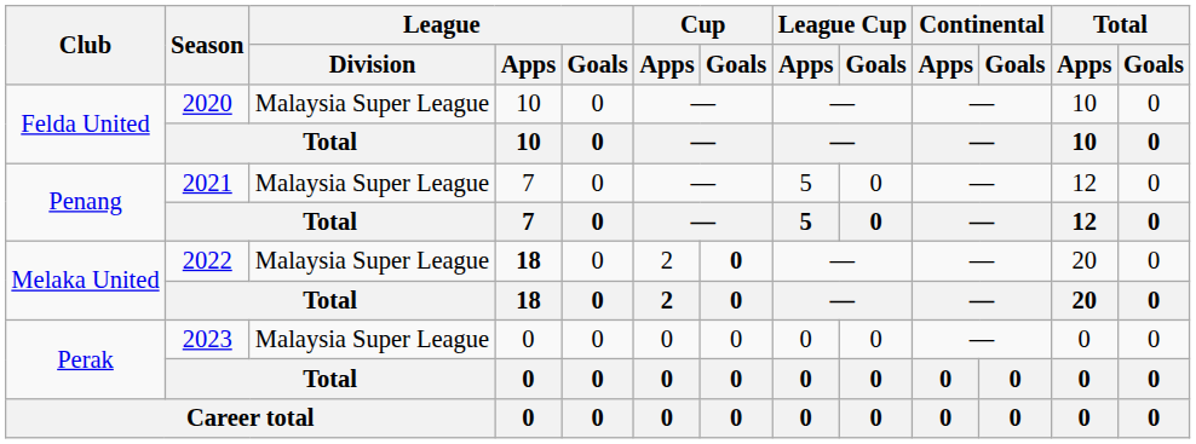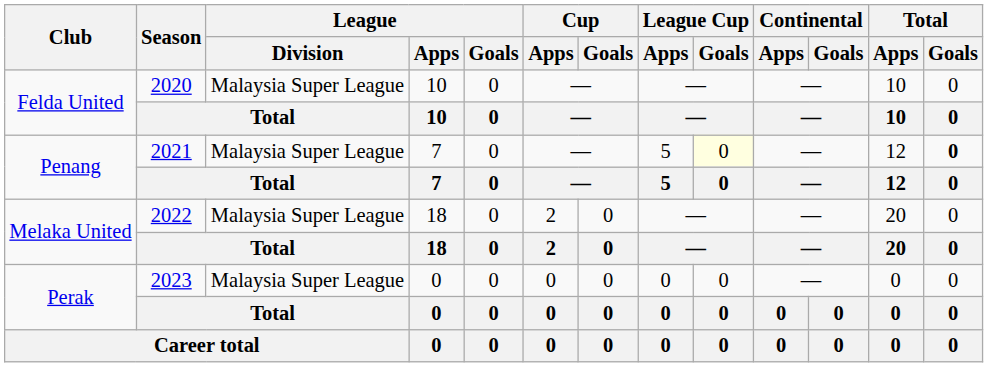 <table class=wikitable style="text-align:center">
 <tr>
 <th rowspan=2>Club</th>
 <th rowspan=2>Season</th>
 <th colspan=3>League</th>
 <th colspan=2>Cup</th>
 <th colspan=2>League Cup</th>
 <th colspan=2>Continental</th>
 <th colspan=2>Total</th>
 </tr>
 <tr>
 <th>Division</th>
 <th>Apps</th>
 <th>Goals</th>
 <th>Apps</th>
 <th>Goals</th>
 <th>Apps</th>
 <th>Goals</th>
 <th>Apps</th>
 <th>Goals</th>
 <th>Apps</th>
 <th>Goals</th>
 </tr>
 <tr>
 <td rowspan="2"><a href='#'>Felda United</a></td>
 <td><a href='#'>2020</a></td>
 <td>Malaysia Super League</td>
 <td>10</td>
 <td>0</td>
 <td colspan="2">—</td>
 <td colspan="2">—</td>
 <td colspan="2">—</td>
 <td>10</td>
 <td>0</td>
 </tr>
 <tr>
 <th colspan=2>Total</th>
 <th>10</th>
 <th>0</th>
 <th colspan="2">—</th>
 <th colspan="2">—</th>
 <th colspan="2">—</th>
 <th>10</th>
 <th>0</th>
 </tr>
 <tr>
 <td rowspan="2"><a href='#'>Penang</a></td>
 <td><a href='#'>2021</a></td>
 <td>Malaysia Super League</td>
 <td>7</td>
 <td>0</td>
 <td colspan="2">—</td>
 <td>5</td>
-<td>0</td>
+<td style="background: lightyellow;">0</td>
 <td colspan="2">—</td>
 <td>12</td>
-<td>0</td>
+<td><strong>0</strong></td>
 </tr>
 <tr>
 <th colspan=2>Total</th>
 <th>7</th>
 <th>0</th>
 <th colspan="2">—</th>
 <th>5</th>
 <th>0</th>
 <th colspan="2">—</th>
 <th>12</th>
 <th>0</th>
 </tr>
 <tr>
 <td rowspan="2"><a href='#'>Melaka United</a></td>
 <td><a href='#'>2022</a></td>
 <td>Malaysia Super League</td>
-<td><strong>18</strong></td>
+<td>18</td>
 <td>0</td>
 <td>2</td>
-<td><strong>0</strong></td>
+<td>0</td>
 <td colspan="2">—</td>
 <td colspan="2">—</td>
 <td>20</td>
 <td>0</td>
 </tr>
 <tr>
 <th colspan=2>Total</th>
 <th>18</th>
 <th>0</th>
 <th>2</th>
 <th>0</th>
 <th colspan="2">—</th>
 <th colspan="2">—</th>
 <th>20</th>
 <th>0</th>
 </tr>
 <tr>
 <td rowspan="2"><a href='#'>Perak</a></td>
 <td><a href='#'>2023</a></td>
 <td>Malaysia Super League</td>
 <td>0</td>
 <td>0</td>
 <td>0</td>
 <td>0</td>
 <td>0</td>
 <td>0</td>
 <td colspan="2">—</td>
 <td>0</td>
 <td>0</td>
 </tr>
 <tr>
 <th colspan=2>Total</th>
 <th>0</th>
 <th>0</th>
 <th>0</th>
 <th>0</th>
 <th>0</th>
 <th>0</th>
 <th>0</th>
 <th>0</th>
 <th>0</th>
 <th>0</th>
 </tr>
 <tr>
 <th colspan=3>Career total</th>
 <th>0</th>
 <th>0</th>
 <th>0</th>
 <th>0</th>
 <th>0</th>
 <th>0</th>
 <th>0</th>
 <th>0</th>
 <th>0</th>
 <th>0</th>
 </tr>
 </table>
